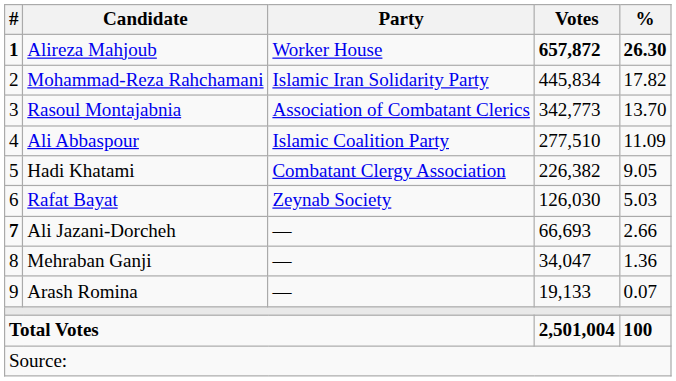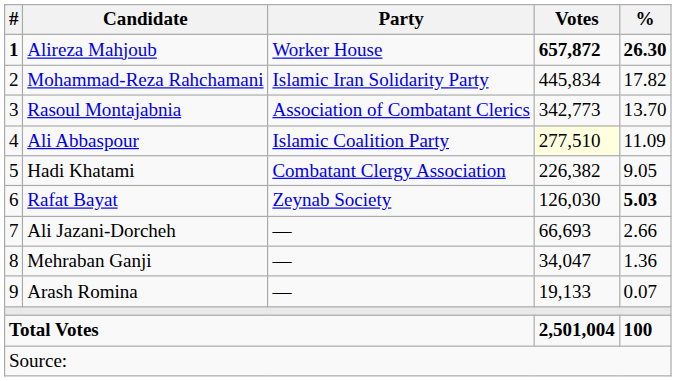 <table class=wikitable>
 <tr>
 <th>#</th>
 <th>Candidate</th>
 <th>Party</th>
 <th>Votes</th>
 <th>%</th>
 </tr>
 <tr>
 <td><strong>1</strong></td>
 <td><a href='#'>Alireza Mahjoub</a></td>
 <td><a href='#'>Worker House</a></td>
 <td><strong>657,872</strong></td>
 <td><strong>26.30</strong></td>
 </tr>
 <tr>
 <td>2</td>
 <td><a href='#'>Mohammad-Reza Rahchamani</a></td>
 <td><a href='#'>Islamic Iran Solidarity Party</a></td>
 <td>445,834</td>
 <td>17.82</td>
 </tr>
 <tr>
 <td>3</td>
 <td><a href='#'>Rasoul Montajabnia</a></td>
 <td><a href='#'>Association of Combatant Clerics</a></td>
 <td>342,773</td>
 <td>13.70</td>
 </tr>
 <tr>
 <td>4</td>
 <td><a href='#'>Ali Abbaspour</a></td>
 <td><a href='#'>Islamic Coalition Party</a></td>
-<td>277,510</td>
+<td style="background: lightyellow;">277,510</td>
 <td>11.09</td>
 </tr>
 <tr>
 <td>5</td>
 <td>Hadi Khatami</td>
 <td><a href='#'>Combatant Clergy Association</a></td>
 <td>226,382</td>
 <td>9.05</td>
 </tr>
 <tr>
 <td>6</td>
 <td><a href='#'>Rafat Bayat</a></td>
 <td><a href='#'>Zeynab Society</a></td>
 <td>126,030</td>
-<td>5.03</td>
+<td><strong>5.03</strong></td>
 </tr>
 <tr>
-<td><strong>7</strong></td>
+<td>7</td>
 <td>Ali Jazani-Dorcheh</td>
 <td>—</td>
 <td>66,693</td>
 <td>2.66</td>
 </tr>
 <tr>
 <td>8</td>
 <td>Mehraban Ganji</td>
 <td>—</td>
 <td>34,047</td>
 <td>1.36</td>
 </tr>
 <tr>
 <td>9</td>
 <td>Arash Romina</td>
 <td>—</td>
 <td>19,133</td>
 <td>0.07</td>
 </tr>
 <tr>
 <td colspan="5" style="background:#E9E9E9;"></td>
 </tr>
 <tr>
 <td colspan="3"><strong>Total Votes</strong></td>
 <td><strong>2,501,004</strong></td>
 <td><strong>100</strong></td>
 </tr>
 <tr>
 <td colspan="5">Source: </td>
 </tr>
 </table>
